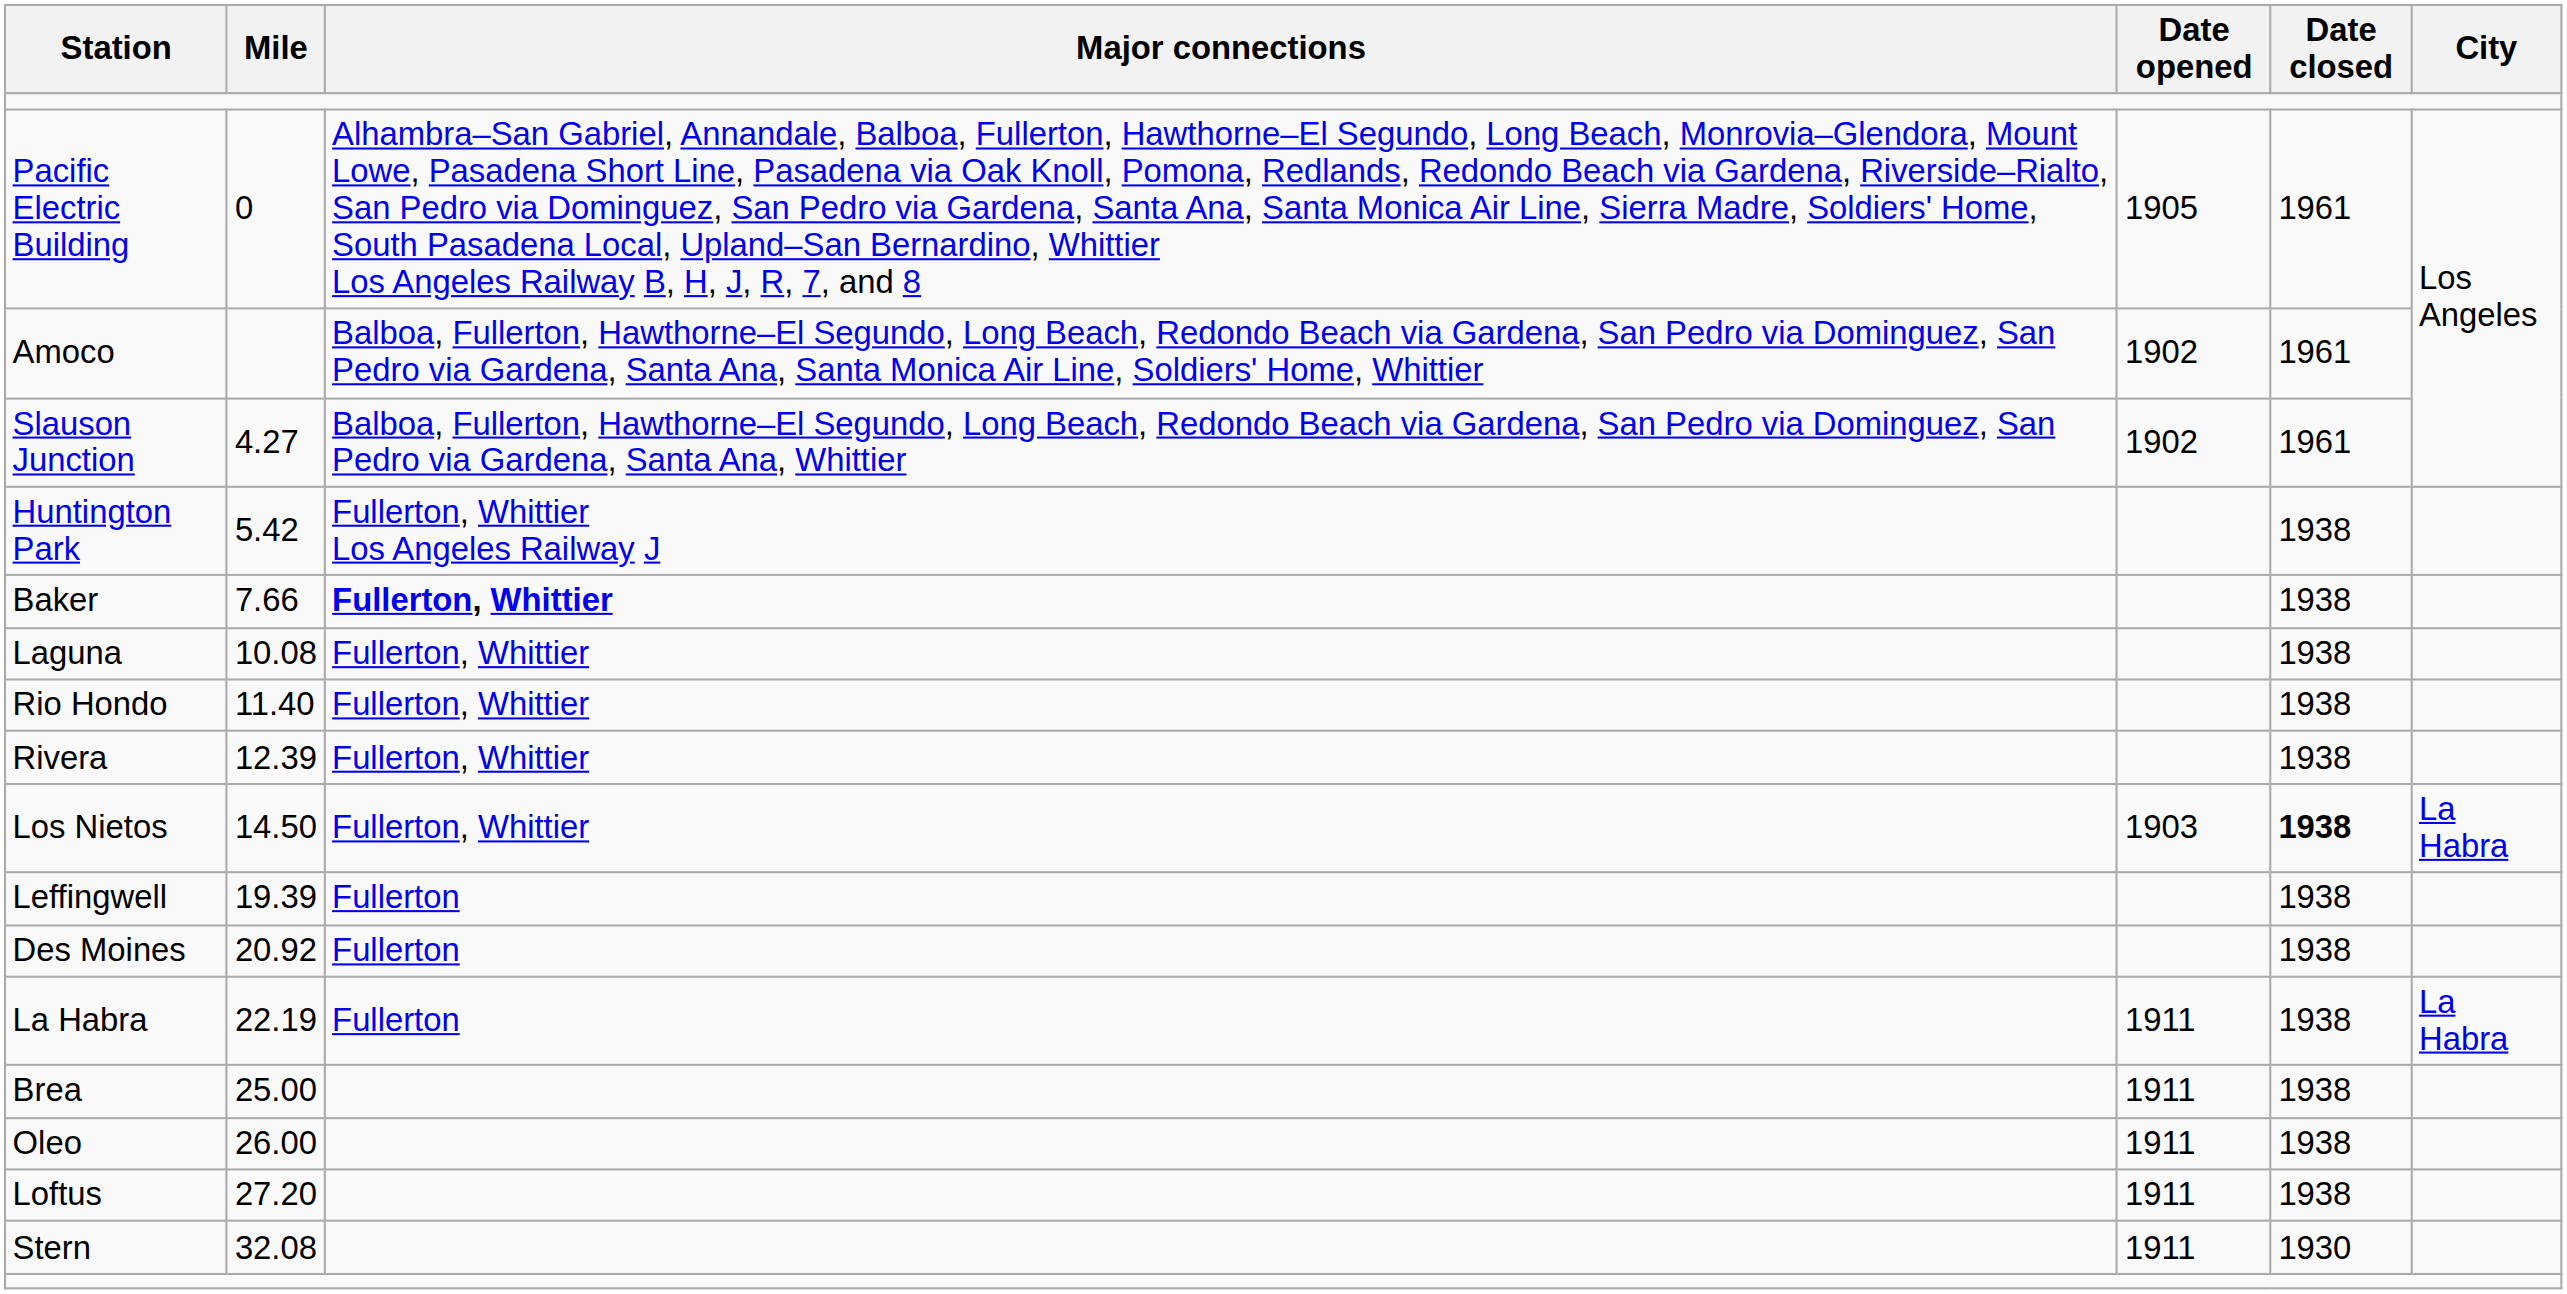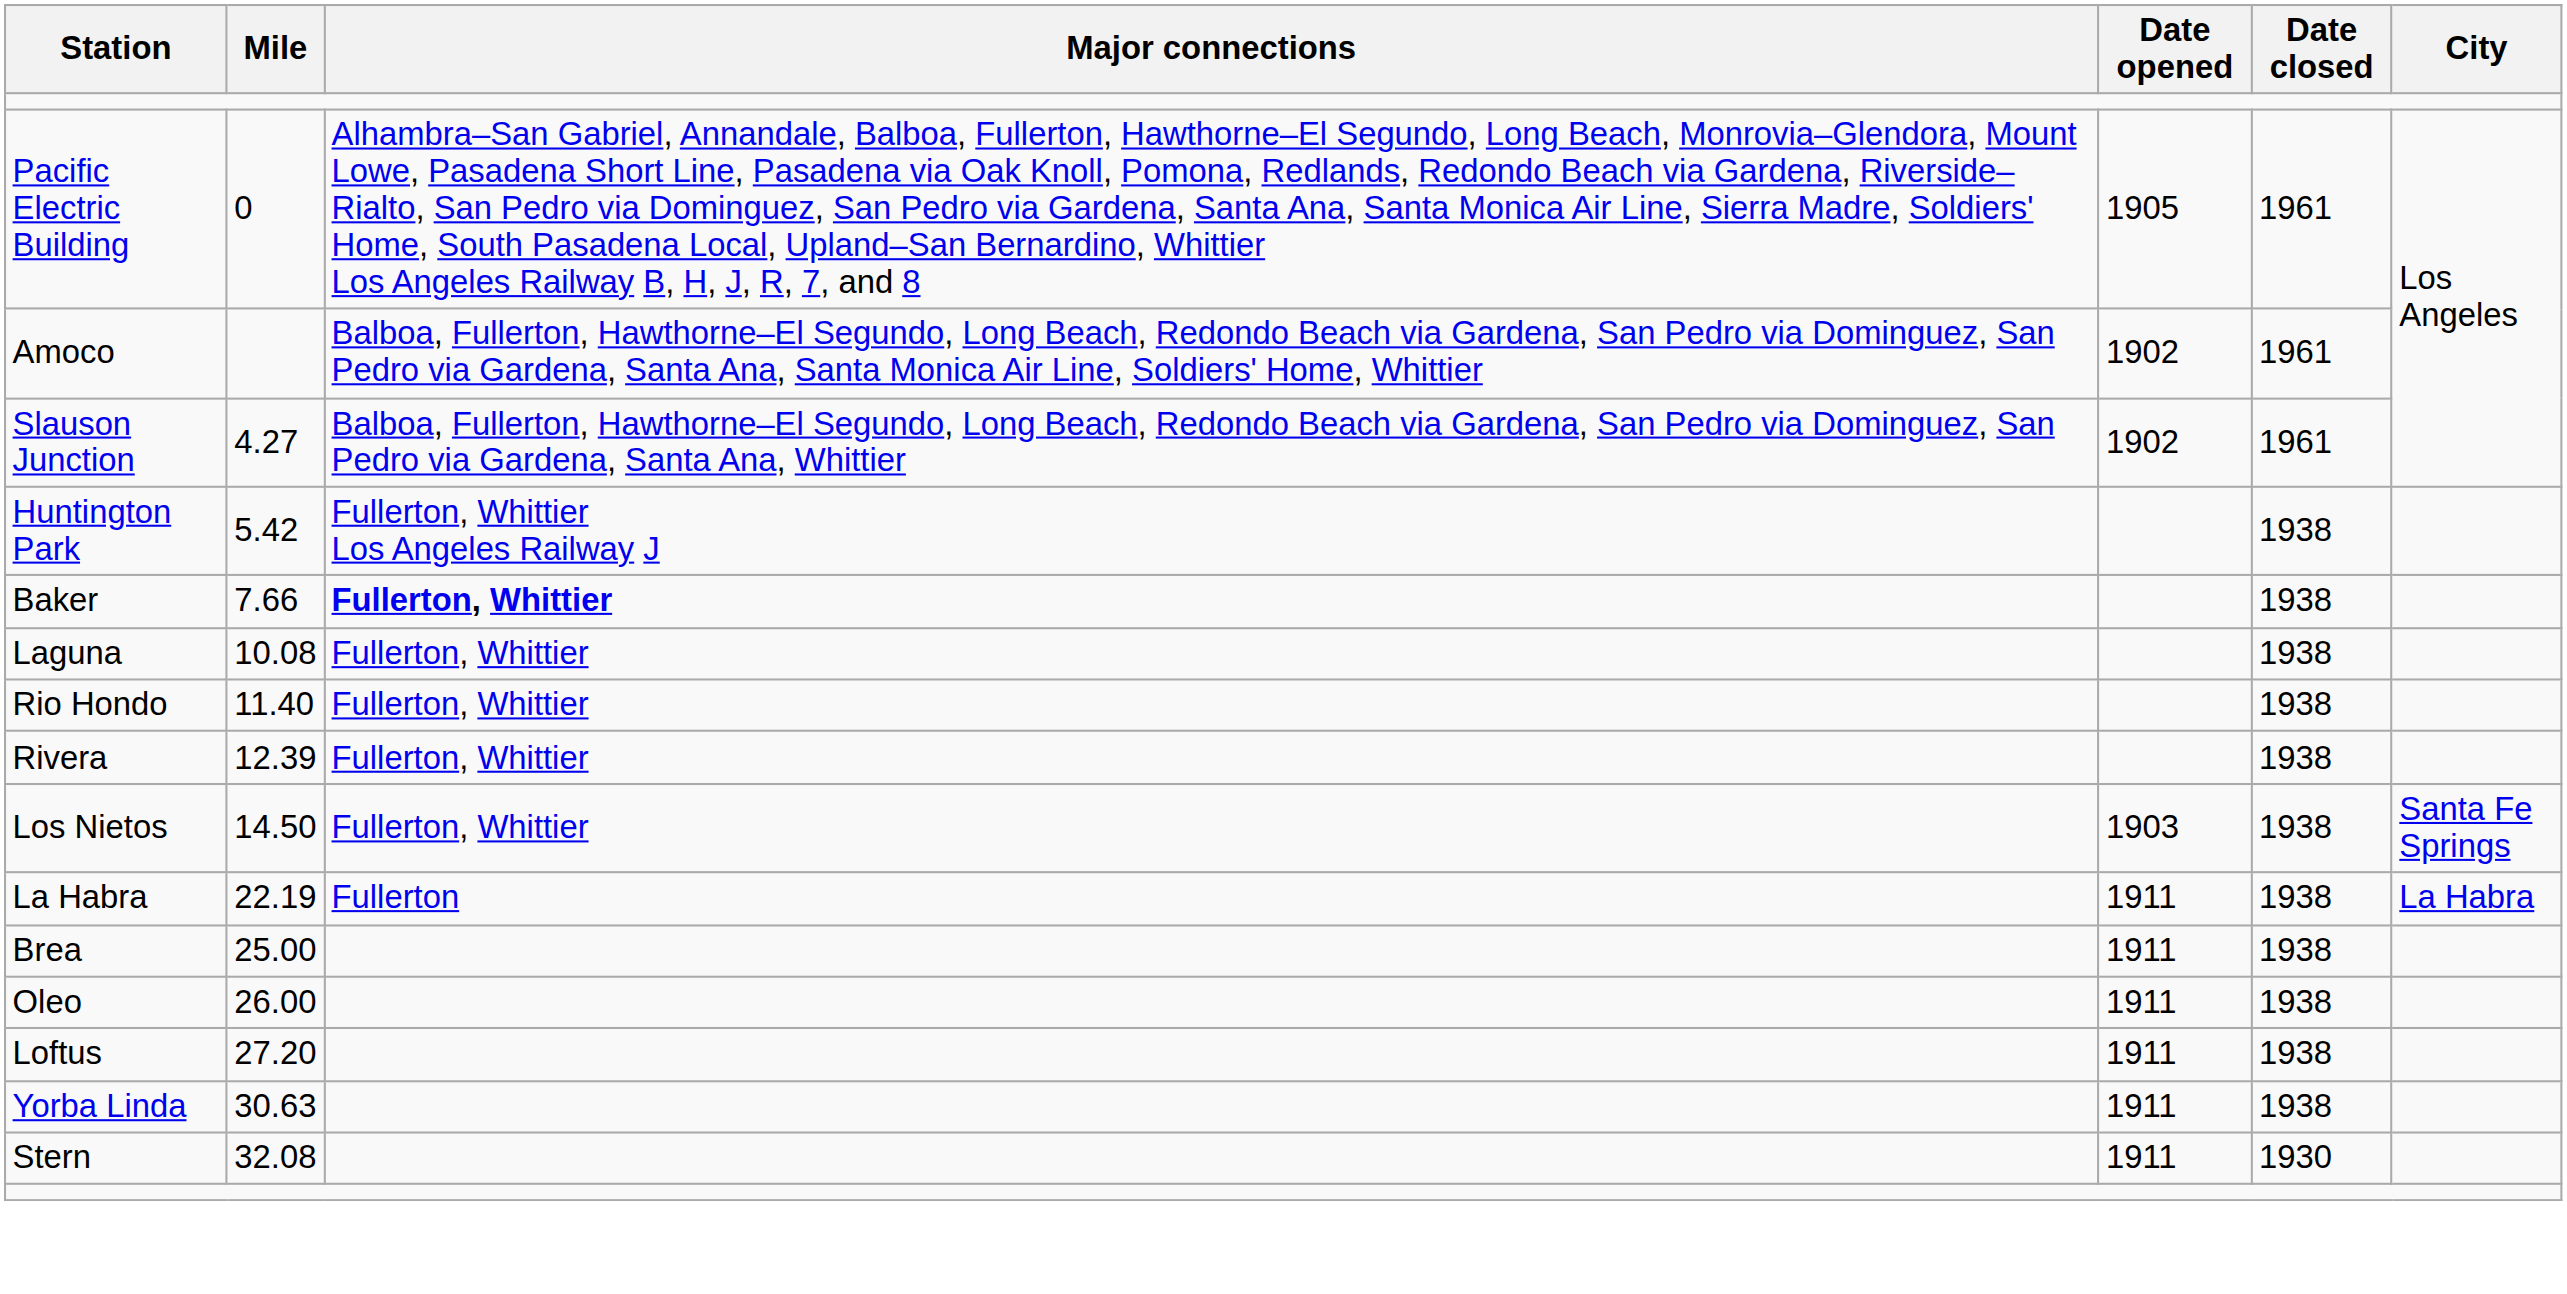 <table class="wikitable">
 <tr>
 <th>Station</th>
 <th>Mile</th>
 <th>Major connections</th>
 <th>Date opened</th>
 <th>Date closed</th>
 <th>City</th>
 </tr>
 <tr>
 <td colspan = "6"></td>
 </tr>
 <tr>
 <td><a href='#'>Pacific Electric Building</a></td>
 <td>0</td>
 <td><a href='#'>Alhambra–San Gabriel</a>, <a href='#'>Annandale</a>, <a href='#'>Balboa</a>, <a href='#'>Fullerton</a>, <a href='#'>Hawthorne–El Segundo</a>, <a href='#'>Long Beach</a>, <a href='#'>Monrovia–Glendora</a>, <a href='#'>Mount Lowe</a>, <a href='#'>Pasadena Short Line</a>, <a href='#'>Pasadena via Oak Knoll</a>, <a href='#'>Pomona</a>, <a href='#'>Redlands</a>, <a href='#'>Redondo Beach via Gardena</a>, <a href='#'>Riverside–Rialto</a>, <a href='#'>San Pedro via Dominguez</a>, <a href='#'>San Pedro via Gardena</a>, <a href='#'>Santa Ana</a>, <a href='#'>Santa Monica Air Line</a>, <a href='#'>Sierra Madre</a>, <a href='#'>Soldiers' Home</a>, <a href='#'>South Pasadena Local</a>, <a href='#'>Upland–San Bernardino</a>, <a href='#'>Whittier</a><br><a href='#'>Los Angeles Railway</a> <a href='#'>B</a>, <a href='#'>H</a>, <a href='#'>J</a>, <a href='#'>R</a>, <a href='#'>7</a>, and <a href='#'>8</a></td>
 <td>1905</td>
 <td>1961</td>
 <td rowspan=3>Los Angeles</td>
 </tr>
 <tr>
 <td>Amoco</td>
 <td></td>
 <td><a href='#'>Balboa</a>, <a href='#'>Fullerton</a>, <a href='#'>Hawthorne–El Segundo</a>, <a href='#'>Long Beach</a>, <a href='#'>Redondo Beach via Gardena</a>, <a href='#'>San Pedro via Dominguez</a>, <a href='#'>San Pedro via Gardena</a>, <a href='#'>Santa Ana</a>, <a href='#'>Santa Monica Air Line</a>, <a href='#'>Soldiers' Home</a>, <a href='#'>Whittier</a></td>
 <td>1902</td>
 <td>1961</td>
 </tr>
 <tr>
 <td><a href='#'>Slauson Junction</a></td>
 <td>4.27</td>
 <td><a href='#'>Balboa</a>, <a href='#'>Fullerton</a>, <a href='#'>Hawthorne–El Segundo</a>, <a href='#'>Long Beach</a>, <a href='#'>Redondo Beach via Gardena</a>, <a href='#'>San Pedro via Dominguez</a>, <a href='#'>San Pedro via Gardena</a>, <a href='#'>Santa Ana</a>, <a href='#'>Whittier</a></td>
 <td>1902</td>
 <td>1961</td>
 </tr>
 <tr>
 <td><a href='#'>Huntington Park</a></td>
 <td>5.42</td>
 <td><a href='#'>Fullerton</a>, <a href='#'>Whittier</a><br><a href='#'>Los Angeles Railway</a> <a href='#'>J</a></td>
 <td></td>
 <td>1938</td>
 <td></td>
 </tr>
 <tr>
 <td>Baker</td>
 <td>7.66</td>
 <td><strong><a href='#'>Fullerton</a>, <a href='#'>Whittier</a></strong></td>
 <td></td>
 <td>1938</td>
 <td></td>
 </tr>
 <tr>
 <td>Laguna</td>
 <td>10.08</td>
 <td><a href='#'>Fullerton</a>, <a href='#'>Whittier</a></td>
 <td></td>
 <td>1938</td>
 <td></td>
 </tr>
 <tr>
 <td>Rio Hondo</td>
 <td>11.40</td>
 <td><a href='#'>Fullerton</a>, <a href='#'>Whittier</a></td>
 <td></td>
 <td>1938</td>
 <td></td>
 </tr>
 <tr>
 <td>Rivera</td>
 <td>12.39</td>
 <td><a href='#'>Fullerton</a>, <a href='#'>Whittier</a></td>
 <td></td>
 <td>1938</td>
 </tr>
 <tr>
 <td>Los Nietos</td>
 <td>14.50</td>
 <td><a href='#'>Fullerton</a>, <a href='#'>Whittier</a></td>
 <td>1903</td>
-<td><strong>1938</strong></td>
-<td rowspan=1><a href='#'>La Habra</a></td>
-</tr>
-<tr>
-<td>Leffingwell</td>
-<td>19.39</td>
-<td><a href='#'>Fullerton</a></td>
-<td></td>
 <td>1938</td>
-<td></td>
-</tr>
-<tr>
-<td>Des Moines</td>
-<td>20.92</td>
-<td><a href='#'>Fullerton</a></td>
-<td></td>
-<td>1938</td>
-<td></td>
+<td rowspan=1><a href='#'>Santa Fe Springs</a></td>
 </tr>
 <tr>
 <td>La Habra</td>
 <td>22.19</td>
 <td><a href='#'>Fullerton</a></td>
 <td>1911</td>
 <td>1938</td>
 <td rowspan=1><a href='#'>La Habra</a></td>
 </tr>
 <tr>
 <td>Brea</td>
 <td>25.00</td>
 <td></td>
 <td>1911</td>
 <td>1938</td>
 <td></td>
 </tr>
 <tr>
 <td>Oleo</td>
 <td>26.00</td>
 <td></td>
 <td>1911</td>
 <td>1938</td>
 <td></td>
 </tr>
 <tr>
 <td>Loftus</td>
 <td>27.20</td>
 <td></td>
 <td>1911</td>
 <td>1938</td>
 <td></td>
 </tr>
 <tr>
+<td><a href='#'>Yorba Linda</a></td>
+<td>30.63</td>
+<td></td>
+<td>1911</td>
+<td>1938</td>
+<td></td>
+</tr>
+<tr>
 <td>Stern</td>
 <td>32.08</td>
 <td></td>
 <td>1911</td>
 <td>1930</td>
 <td></td>
 </tr>
 <tr>
 <td colspan = "6"></td>
 </tr>
 </table>
